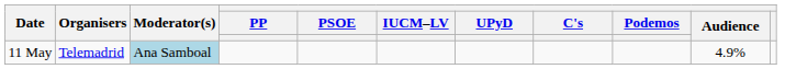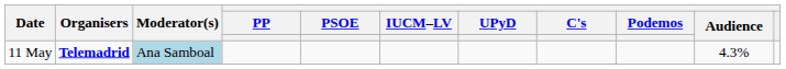 <table class="wikitable" style="text-align:center;">
 <tr>
 <th rowspan="3">Date</th>
 <th rowspan="3">Organisers</th>
 <th rowspan="3">Moderator(s)</th>
 <th colspan="8">  </th>
 </tr>
 <tr>
 <th scope="col" style="width:5em;"><a href='#'>PP</a></th>
 <th scope="col" style="width:5em;"><a href='#'>PSOE</a></th>
 <th scope="col" style="width:5em;"><a href='#'>IUCM</a>–<a href='#'>LV</a></th>
 <th scope="col" style="width:5em;"><a href='#'>UPyD</a></th>
 <th scope="col" style="width:5em;"><a href='#'>C's</a></th>
 <th scope="col" style="width:5em;"><a href='#'>Podemos</a></th>
 <th rowspan="2" scope="col" style="width:5em;">Audience</th>
 <th rowspan="2"></th>
 </tr>
 <tr>
 <th style="color:inherit;background:"></th>
 <th style="color:inherit;background:"></th>
 <th style="color:inherit;background:"></th>
 <th style="color:inherit;background:"></th>
 <th style="color:inherit;background:"></th>
 <th style="color:inherit;background:"></th>
 </tr>
 <tr>
 <td style="white-space:nowrap; text-align:left;">11 May</td>
-<td style="white-space:nowrap; text-align:left;"><a href='#'>Telemadrid</a></td>
+<td style="white-space:nowrap; text-align:left;"><strong><a href='#'>Telemadrid</a></strong></td>
 <td style="background: lightblue; white-space:nowrap; text-align:left;">Ana Samboal</td>
 <td></td>
 <td></td>
 <td></td>
 <td></td>
 <td></td>
 <td></td>
-<td>4.9%<br></td>
+<td>4.3%<br></td>
 <td><br></td>
 </tr>
 </table>
